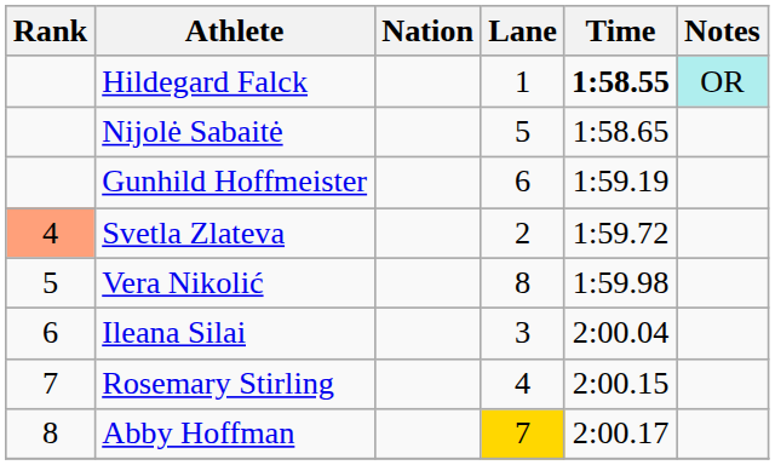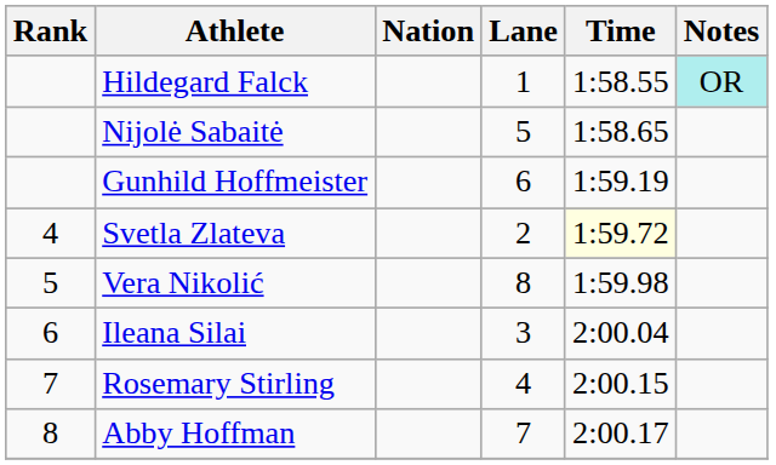 <table class="wikitable sortable" style="text-align:center">
 <tr>
 <th>Rank</th>
 <th>Athlete</th>
 <th>Nation</th>
 <th>Lane</th>
 <th>Time</th>
 <th>Notes</th>
 </tr>
 <tr>
 <td></td>
 <td align=left><a href='#'>Hildegard Falck</a></td>
 <td align=left></td>
 <td>1</td>
-<td><strong>1:58.55</strong></td>
+<td>1:58.55</td>
 <td style="background: paleturquoise;">OR</td>
 </tr>
 <tr>
 <td></td>
 <td align=left><a href='#'>Nijolė Sabaitė</a></td>
 <td align=left></td>
 <td>5</td>
 <td>1:58.65</td>
 <td></td>
 </tr>
 <tr>
 <td></td>
 <td align=left><a href='#'>Gunhild Hoffmeister</a></td>
 <td align=left></td>
 <td>6</td>
 <td>1:59.19</td>
 <td></td>
 </tr>
 <tr>
-<td style="background: lightsalmon;">4</td>
+<td>4</td>
 <td align=left><a href='#'>Svetla Zlateva</a></td>
 <td align=left></td>
 <td>2</td>
-<td>1:59.72</td>
+<td style="background: lightyellow;">1:59.72</td>
 <td></td>
 </tr>
 <tr>
 <td>5</td>
 <td align=left><a href='#'>Vera Nikolić</a></td>
 <td align=left></td>
 <td>8</td>
 <td>1:59.98</td>
 <td></td>
 </tr>
 <tr>
 <td>6</td>
 <td align=left><a href='#'>Ileana Silai</a></td>
 <td align=left></td>
 <td>3</td>
 <td>2:00.04</td>
 <td></td>
 </tr>
 <tr>
 <td>7</td>
 <td align=left><a href='#'>Rosemary Stirling</a></td>
 <td align=left></td>
 <td>4</td>
 <td>2:00.15</td>
 <td></td>
 </tr>
 <tr>
 <td>8</td>
 <td align=left><a href='#'>Abby Hoffman</a></td>
 <td align=left></td>
-<td style="background: gold;">7</td>
+<td>7</td>
 <td>2:00.17</td>
 <td></td>
 </tr>
 <tr>
 </tr>
 </table>
